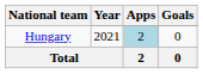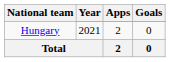 <table class="wikitable" style="text-align:center">
 <tr>
 <th>National team</th>
 <th>Year</th>
 <th>Apps</th>
 <th>Goals</th>
 </tr>
 <tr>
 <td rowspan=2><a href='#'>Hungary</a></td>
 </tr>
 <tr>
 <td>2021</td>
-<td style="background: lightblue;">2</td>
+<td>2</td>
 <td>0</td>
 </tr>
 <tr>
 <th colspan="2">Total</th>
 <th>2</th>
 <th>0</th>
 </tr>
 </table>
